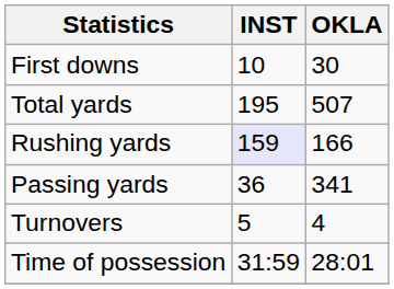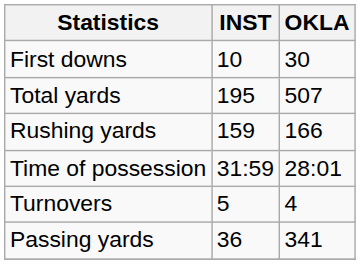 <table class="wikitable">
 <tr>
 <th>Statistics</th>
 <th>INST</th>
 <th>OKLA</th>
 </tr>
 <tr>
 <td>First downs</td>
 <td>10</td>
 <td>30</td>
 </tr>
 <tr>
 <td>Total yards</td>
 <td>195</td>
 <td>507</td>
 </tr>
 <tr>
 <td>Rushing yards</td>
-<td style="background: lavender;">159</td>
+<td>159</td>
 <td>166</td>
+</tr>
+<tr>
+<td>Time of possession</td>
+<td>31:59</td>
+<td>28:01</td>
+</tr>
+<tr>
+<td>Turnovers</td>
+<td>5</td>
+<td>4</td>
 </tr>
 <tr>
 <td>Passing yards</td>
 <td>36</td>
 <td>341</td>
 </tr>
 <tr>
-<td>Turnovers</td>
-<td>5</td>
-<td>4</td>
-</tr>
-<tr>
-<td>Time of possession</td>
-<td>31:59</td>
-<td>28:01</td>
-</tr>
-<tr>
 </tr>
 </table>
